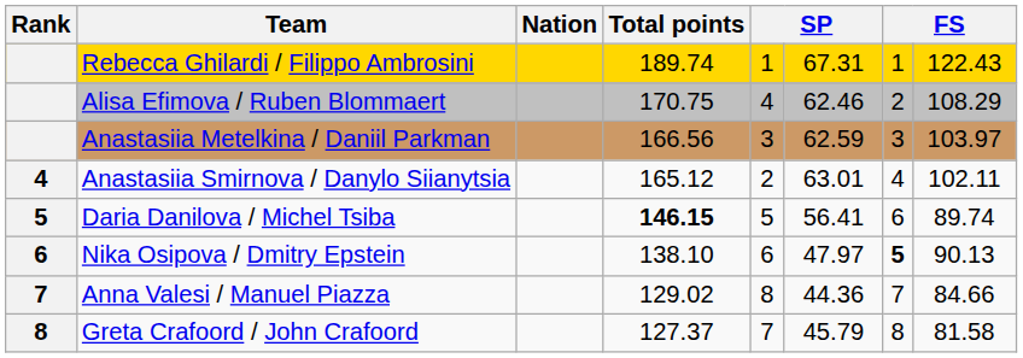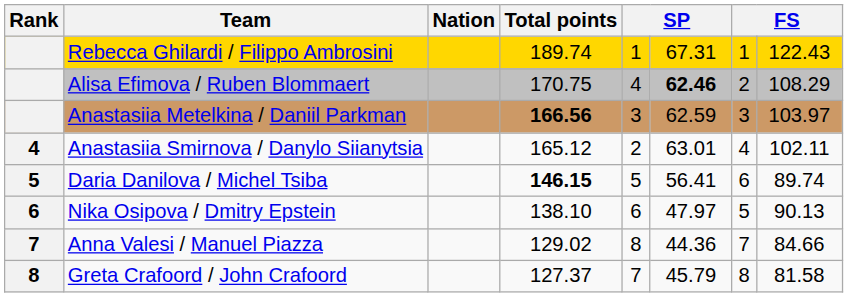 <table class="wikitable sortable" style="text-align:left">
 <tr>
 <th scope="col">Rank</th>
 <th scope="col">Team</th>
 <th scope="col">Nation</th>
 <th scope="col">Total points</th>
 <th scope="col" colspan="2" width="80px"><a href='#'>SP</a></th>
 <th scope="col" colspan="2" width="80px"><a href='#'>FS</a></th>
 </tr>
 <tr bgcolor="gold">
 <th scope="row"></th>
 <td><a href='#'>Rebecca Ghilardi</a> / <a href='#'>Filippo Ambrosini</a></td>
 <td></td>
 <td align="center">189.74</td>
 <td align="center">1</td>
 <td align="center">67.31</td>
 <td align="center">1</td>
 <td align="center">122.43</td>
 </tr>
 <tr bgcolor="silver">
 <th scope="row"></th>
 <td><a href='#'>Alisa Efimova</a> / <a href='#'>Ruben Blommaert</a></td>
 <td></td>
 <td align="center">170.75</td>
 <td align="center">4</td>
-<td align="center">62.46</td>
+<td align="center"><strong>62.46</strong></td>
 <td align="center">2</td>
 <td align="center">108.29</td>
 </tr>
 <tr bgcolor="cc9966">
 <th scope="row"></th>
 <td><a href='#'>Anastasiia Metelkina</a> / <a href='#'>Daniil Parkman</a></td>
 <td></td>
-<td align="center">166.56</td>
+<td align="center"><strong>166.56</strong></td>
 <td align="center">3</td>
 <td align="center">62.59</td>
 <td align="center">3</td>
 <td align="center">103.97</td>
 </tr>
 <tr>
 <th scope="row">4</th>
 <td><a href='#'>Anastasiia Smirnova</a> / <a href='#'>Danylo Siianytsia</a></td>
 <td></td>
 <td align="center">165.12</td>
 <td align="center">2</td>
 <td align="center">63.01</td>
 <td align="center">4</td>
 <td align="center">102.11</td>
 </tr>
 <tr>
 <th scope="row">5</th>
 <td><a href='#'>Daria Danilova</a> / <a href='#'>Michel Tsiba</a></td>
 <td></td>
 <td align="center"><strong>146.15</strong></td>
 <td align="center">5</td>
 <td align="center">56.41</td>
 <td align="center">6</td>
 <td align="center">89.74</td>
 </tr>
 <tr>
 <th scope="row">6</th>
 <td><a href='#'>Nika Osipova</a> / <a href='#'>Dmitry Epstein</a></td>
 <td></td>
 <td align="center">138.10</td>
 <td align="center">6</td>
 <td align="center">47.97</td>
-<td align="center"><strong>5</strong></td>
+<td align="center">5</td>
 <td align="center">90.13</td>
 </tr>
 <tr>
 <th scope="row">7</th>
 <td><a href='#'>Anna Valesi</a> / <a href='#'>Manuel Piazza</a></td>
 <td></td>
 <td align="center">129.02</td>
 <td align="center">8</td>
 <td align="center">44.36</td>
 <td align="center">7</td>
 <td align="center">84.66</td>
 </tr>
 <tr>
 <th scope="row">8</th>
 <td><a href='#'>Greta Crafoord</a> / <a href='#'>John Crafoord</a></td>
 <td></td>
 <td align="center">127.37</td>
 <td align="center">7</td>
 <td align="center">45.79</td>
 <td align="center">8</td>
 <td align="center">81.58</td>
 </tr>
 </table>
